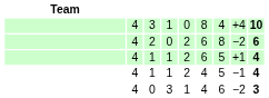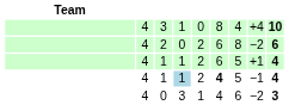 <table "wikitable" style="text-align: center">
 <tr>
 <th width=165>Team</th>
 <th width=20></th>
 <th width=20></th>
 <th width=20></th>
 <th width=20></th>
 <th width=20></th>
 <th width=20></th>
 <th width=20></th>
 <th width=20></th>
 </tr>
 <tr bgcolor="#CCFFCC">
 <td align=left></td>
 <td>4</td>
 <td>3</td>
 <td>1</td>
 <td>0</td>
 <td>8</td>
 <td>4</td>
 <td>+4</td>
 <td><strong>10</strong></td>
 </tr>
 <tr bgcolor="#CCFFCC">
 <td align=left></td>
 <td>4</td>
 <td>2</td>
 <td>0</td>
 <td>2</td>
 <td>6</td>
 <td>8</td>
 <td>−2</td>
 <td><strong>6</strong></td>
 </tr>
 <tr bgcolor="#CCFFCC">
 <td align=left></td>
 <td>4</td>
 <td>1</td>
 <td>1</td>
 <td>2</td>
 <td>6</td>
 <td>5</td>
 <td>+1</td>
 <td><strong>4</strong></td>
 </tr>
 <tr>
 <td align=left></td>
 <td>4</td>
 <td>1</td>
-<td>1</td>
+<td style="background: lightblue;">1</td>
 <td>2</td>
-<td>4</td>
+<td><strong>4</strong></td>
 <td>5</td>
 <td>−1</td>
 <td><strong>4</strong></td>
 </tr>
 <tr>
 <td align=left></td>
 <td>4</td>
 <td>0</td>
 <td>3</td>
 <td>1</td>
 <td>4</td>
 <td>6</td>
 <td>−2</td>
 <td><strong>3</strong></td>
 </tr>
 </table>
